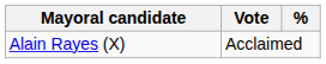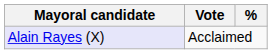 <table class="wikitable">
 <tr>
 <th bgcolor="#DDDDFF" width="200px">Mayoral candidate</th>
 <th bgcolor="#DDDDFF" width="50px">Vote</th>
 <th bgcolor="#DDDDFF"  width="30px">%</th>
 </tr>
 <tr>
-<td><a href='#'>Alain Rayes</a> (X)</td>
+<td style="background: lavender;"><a href='#'>Alain Rayes</a> (X)</td>
 <td colspan="2">Acclaimed</td>
 </tr>
 </table>
